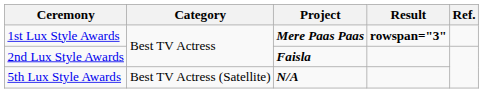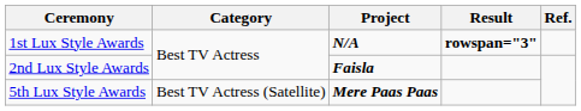 <table class="wikitable style">
 <tr>
 <th>Ceremony</th>
 <th>Category</th>
 <th>Project</th>
 <th>Result</th>
 <th>Ref.</th>
 </tr>
 <tr>
 <td><a href='#'>1st Lux Style Awards</a></td>
 <td rowspan="2">Best TV Actress</td>
-<td><strong><em>Mere Paas Paas</em></strong></td>
+<td><strong><em>N/A</em></strong></td>
 <td><strong>rowspan="3" </strong></td>
 <td></td>
 </tr>
 <tr>
 <td><a href='#'>2nd Lux Style Awards</a></td>
 <td><strong><em>Faisla</em></strong></td>
 <td></td>
 </tr>
 <tr>
 <td><a href='#'>5th Lux Style Awards</a></td>
 <td>Best TV Actress (Satellite)</td>
-<td><strong><em>N/A</em></strong></td>
+<td><strong><em>Mere Paas Paas</em></strong></td>
 <td></td>
 </tr>
 </table>
